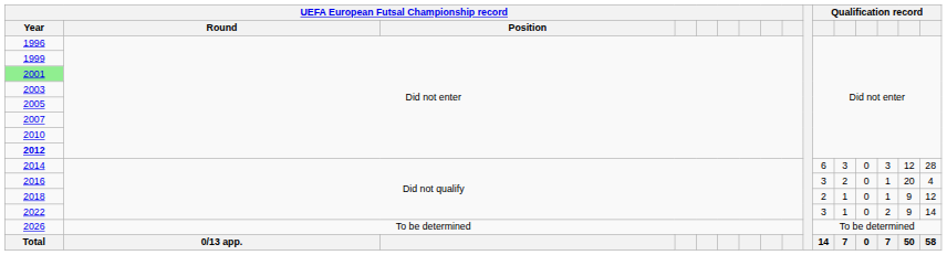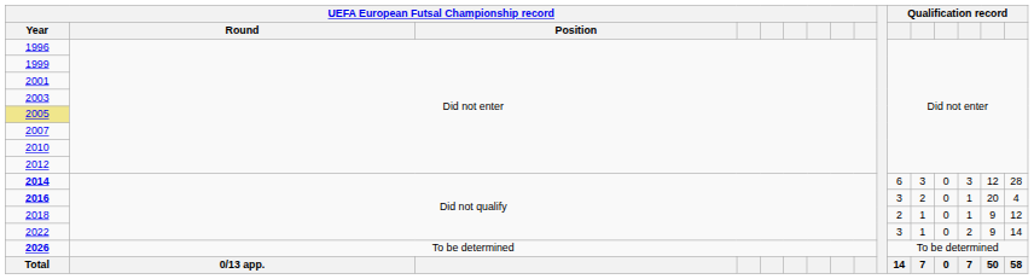 <table class="wikitable" width=70% style="text-align: center;font-size:90%;">
 <tr>
 <th colspan=9><a href='#'>UEFA European Futsal Championship record</a></th>
 <th width=1% rowspan=20></th>
 <th colspan=6>Qualification record</th>
 </tr>
 <tr>
 <th width=80>Year</th>
 <th>Round</th>
 <th>Position</th>
 <th width=25></th>
 <th width=25></th>
 <th width=25></th>
 <th width=25></th>
 <th width=25></th>
 <th width=25></th>
 <th width=25></th>
 <th width=25></th>
 <th width=25></th>
 <th width=25></th>
 <th width=25></th>
 <th width=25></th>
 </tr>
 <tr>
 <td> <a href='#'>1996</a></td>
 <td rowspan=8 colspan=8>Did not enter</td>
 <td rowspan=8 colspan=8>Did not enter</td>
 </tr>
 <tr>
 <td> <a href='#'>1999</a></td>
 </tr>
 <tr>
-<td style="background: lightgreen;"> <a href='#'>2001</a></td>
+<td> <a href='#'>2001</a></td>
 </tr>
 <tr>
 <td> <a href='#'>2003</a></td>
 </tr>
 <tr>
-<td> <a href='#'>2005</a></td>
+<td style="background: khaki;"> <a href='#'>2005</a></td>
 </tr>
 <tr>
 <td> <a href='#'>2007</a></td>
 </tr>
 <tr>
 <td> <a href='#'>2010</a></td>
 </tr>
 <tr>
-<td><strong> <a href='#'>2012</a></strong></td>
+<td> <a href='#'>2012</a></td>
 </tr>
 <tr>
-<td> <a href='#'>2014</a></td>
+<td><strong> <a href='#'>2014</a></strong></td>
 <td rowspan=4 colspan=8>Did not qualify</td>
 <td>6</td>
 <td>3</td>
 <td>0</td>
 <td>3</td>
 <td>12</td>
 <td>28</td>
 </tr>
 <tr>
-<td> <a href='#'>2016</a></td>
+<td><strong> <a href='#'>2016</a></strong></td>
 <td>3</td>
 <td>2</td>
 <td>0</td>
 <td>1</td>
 <td>20</td>
 <td>4</td>
 </tr>
 <tr>
 <td> <a href='#'>2018</a></td>
 <td>2</td>
 <td>1</td>
 <td>0</td>
 <td>1</td>
 <td>9</td>
 <td>12</td>
 </tr>
 <tr>
 <td> <a href='#'>2022</a></td>
 <td>3</td>
 <td>1</td>
 <td>0</td>
 <td>2</td>
 <td>9</td>
 <td>14</td>
 </tr>
 <tr>
-<td> <a href='#'>2026</a></td>
+<td><strong> <a href='#'>2026</a></strong></td>
 <td colspan=8>To be determined</td>
 <td colspan=8>To be determined</td>
 </tr>
 <tr>
 <th><strong>Total</strong></th>
 <th>0/13 app.</th>
 <th></th>
 <th></th>
 <th></th>
 <th></th>
 <th></th>
 <th></th>
 <th></th>
 <th>14</th>
 <th>7</th>
 <th>0</th>
 <th>7</th>
 <th>50</th>
 <th>58</th>
 </tr>
 </table>
